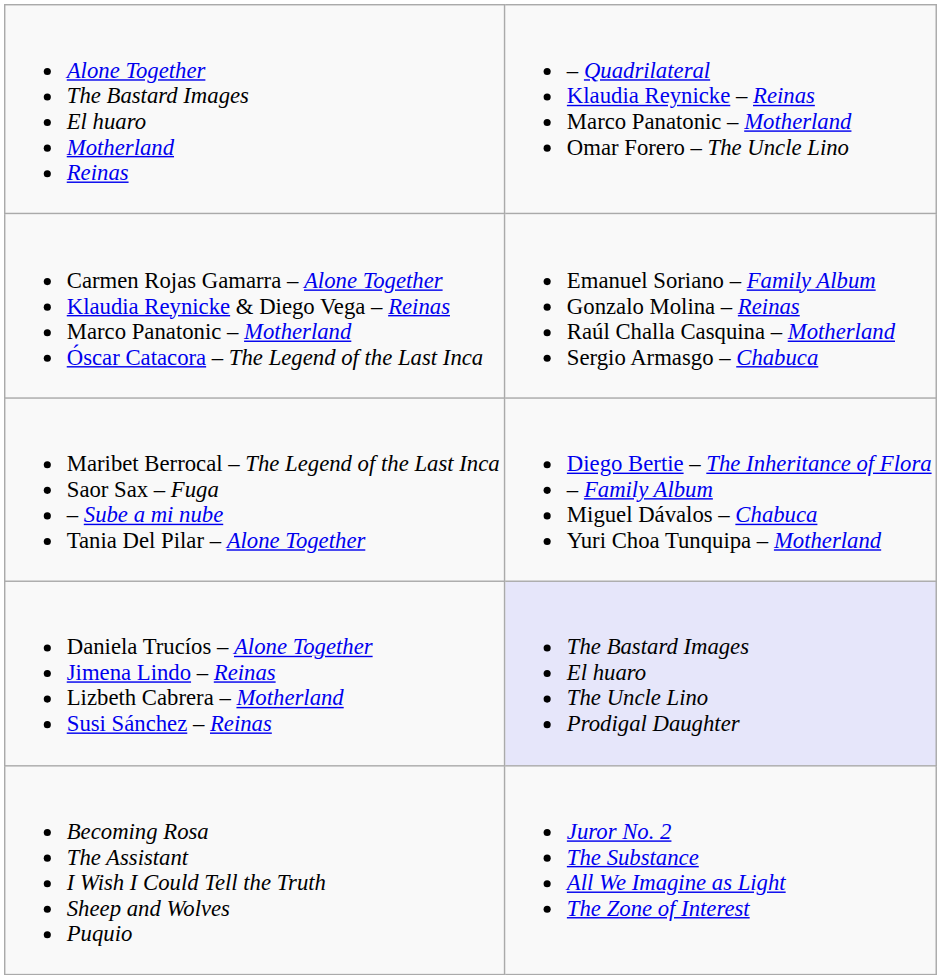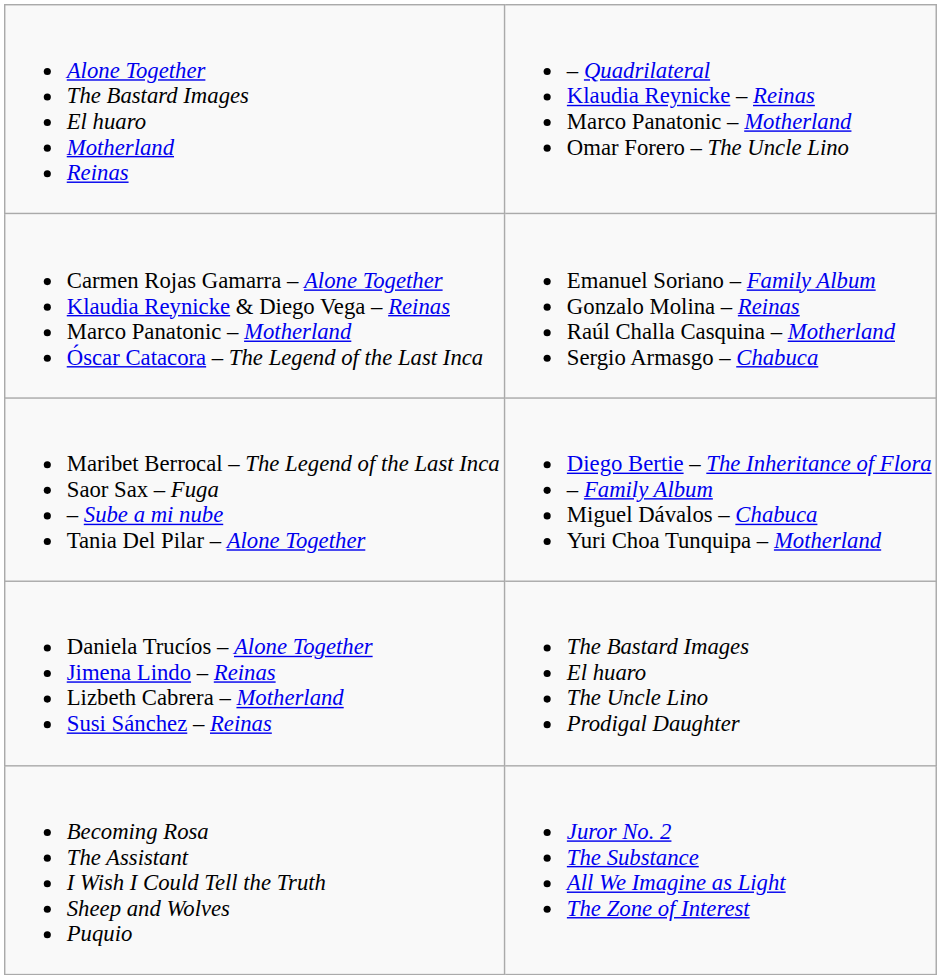 <table class=wikitable style="width=100%">
 <tr>
 <td valign="top" style="width=50%"><br><ul><li><a href='#'><em>Alone Together</em></a></li><li><em>The Bastard Images</em></li><li><em>El huaro</em></li><li><a href='#'><em>Motherland</em></a></li><li><a href='#'><em>Reinas</em></a></li></ul></td>
 <td valign="top" style="width=50%"><br><ul><li> – <em><a href='#'>Quadrilateral</a></em></li><li><a href='#'>Klaudia Reynicke</a> – <a href='#'><em>Reinas</em></a></li><li>Marco Panatonic – <a href='#'><em>Motherland</em></a></li><li>Omar Forero – <em>The Uncle Lino</em></li></ul></td>
 </tr>
 <tr>
 <td valign="top"><br><ul><li>Carmen Rojas Gamarra – <a href='#'><em>Alone Together</em></a></li><li><a href='#'>Klaudia Reynicke</a> & Diego Vega – <a href='#'><em>Reinas</em></a></li><li>Marco Panatonic – <a href='#'><em>Motherland</em></a></li><li><a href='#'>Óscar Catacora</a> – <em>The Legend of the Last Inca</em></li></ul></td>
 <td valign="top"><br><ul><li>Emanuel Soriano – <em><a href='#'>Family Album</a></em></li><li>Gonzalo Molina – <a href='#'><em>Reinas</em></a></li><li>Raúl Challa Casquina – <a href='#'><em>Motherland</em></a></li><li>Sergio Armasgo – <em><a href='#'>Chabuca</a></em></li></ul></td>
 </tr>
 <tr>
 <td valign="top"><br><ul><li>Maribet Berrocal – <em>The Legend of the Last Inca</em></li><li>Saor Sax – <em>Fuga</em></li><li> – <em><a href='#'>Sube a mi nube</a></em></li><li>Tania Del Pilar – <a href='#'><em>Alone Together</em></a></li></ul></td>
 <td valign="top"><br><ul><li><a href='#'>Diego Bertie</a> – <em><a href='#'>The Inheritance of Flora</a></em></li><li> – <em><a href='#'>Family Album</a></em></li><li>Miguel Dávalos – <em><a href='#'>Chabuca</a></em></li><li>Yuri Choa Tunquipa – <a href='#'><em>Motherland</em></a></li></ul></td>
 </tr>
 <tr>
 <td valign="top"><br><ul><li>Daniela Trucíos – <a href='#'><em>Alone Together</em></a></li><li><a href='#'>Jimena Lindo</a> – <a href='#'><em>Reinas</em></a></li><li>Lizbeth Cabrera – <a href='#'><em>Motherland</em></a></li><li><a href='#'>Susi Sánchez</a> – <a href='#'><em>Reinas</em></a></li></ul></td>
-<td valign="top" style="background: lavender;"><br><ul><li><em>The Bastard Images</em></li><li><em>El huaro</em></li><li><em>The Uncle Lino</em></li><li><em>Prodigal Daughter</em></li></ul></td>
+<td valign="top"><br><ul><li><em>The Bastard Images</em></li><li><em>El huaro</em></li><li><em>The Uncle Lino</em></li><li><em>Prodigal Daughter</em></li></ul></td>
 </tr>
 <tr>
 <td valign="top"><br><ul><li><em>Becoming Rosa</em></li><li><em>The Assistant</em></li><li><em>I Wish I Could Tell the Truth</em></li><li><em>Sheep and Wolves</em></li><li><em>Puquio</em></li></ul></td>
 <td valign="top"><br><ul><li><em><a href='#'>Juror No. 2</a></em></li><li><em><a href='#'>The Substance</a></em></li><li><em><a href='#'>All We Imagine as Light</a></em></li><li><em><a href='#'>The Zone of Interest</a></em></li></ul></td>
 </tr>
 </table>
